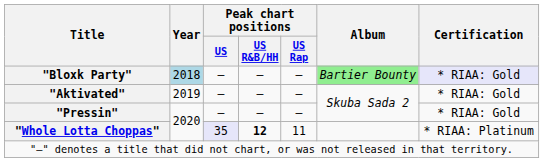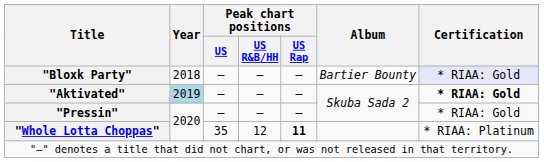 <table class="wikitable plainrowheaders" style="text-align:center;">
 <tr>
 <th rowspan="2" scope="col" style="width:14em;">Title</th>
 <th rowspan="2" scope="col" style="width:1em;">Year</th>
 <th colspan="3">Peak chart positions</th>
 <th rowspan="2">Album</th>
 <th rowspan="2" scope="col" style="width:10em;">Certification</th>
 </tr>
 <tr>
 <th scope="col" style="width:3em;font-size:90%;"><a href='#'>US</a><br></th>
 <th scope="col" style="width:3em;font-size:90%;"><a href='#'>US<br>R&B/HH</a></th>
 <th scope="col" style="width:3em;font-size:90%;"><a href='#'>US<br>Rap</a></th>
 </tr>
 <tr>
 <th scope="row">"Bloxk Party"<br></th>
-<td style="background: lightblue;">2018</td>
+<td>2018</td>
 <td>—</td>
 <td>—</td>
 <td>—</td>
-<td style="background: lightgreen;"><em>Bartier Bounty</em></td>
+<td><em>Bartier Bounty</em></td>
 <td style="background: lavender;">* RIAA: Gold</td>
 </tr>
 <tr>
 <th scope="row">"Aktivated"</th>
-<td>2019</td>
+<td style="background: lightblue;">2019</td>
 <td>—</td>
 <td>—</td>
 <td>—</td>
 <td rowspan="2"><em>Skuba Sada 2</em></td>
-<td>* RIAA: Gold</td>
+<td><strong>* RIAA: Gold</strong></td>
 </tr>
 <tr>
 <th scope="row">"Pressin"<br></th>
 <td rowspan="2">2020</td>
 <td>—</td>
 <td>—</td>
 <td>—</td>
 <td>* RIAA: Gold</td>
 </tr>
 <tr>
 <th scope="row">"<a href='#'>Whole Lotta Choppas</a>"<br></th>
-<td style="background: lavender;">35</td>
-<td><strong>12</strong></td>
-<td>11</td>
+<td>35</td>
+<td>12</td>
+<td><strong>11</strong></td>
 <td></td>
 <td>* RIAA: Platinum</td>
 </tr>
 <tr>
 <td colspan="7" style="font-size:90%">"—" denotes a title that did not chart, or was not released in that territory.</td>
 </tr>
 </table>
